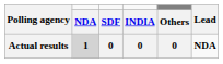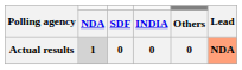 <table class="wikitable" style="text-align:center;font-size:95%;line-height:30px;">
 <tr>
 <th rowspan="2" class="wikitable">Polling agency</th>
 <td></td>
 <td></td>
 <td></td>
 <td style="background:grey;"></td>
 <th rowspan="2">Lead</th>
 </tr>
 <tr>
 <th class="wikitable"><a href='#'>NDA</a></th>
 <th class="wikitable"><a href='#'>SDF</a></th>
 <th class="wikitable"><a href='#'>INDIA</a></th>
 <th class="wikitable">Others</th>
 </tr>
 <tr>
 <th>Actual results</th>
 <td style="background: lightgrey;"><strong>1</strong></td>
 <th>0</th>
 <th>0</th>
 <th>0</th>
-<td><strong>NDA</strong></td>
+<td style="background: lightsalmon;"><strong>NDA</strong></td>
 </tr>
 </table>
